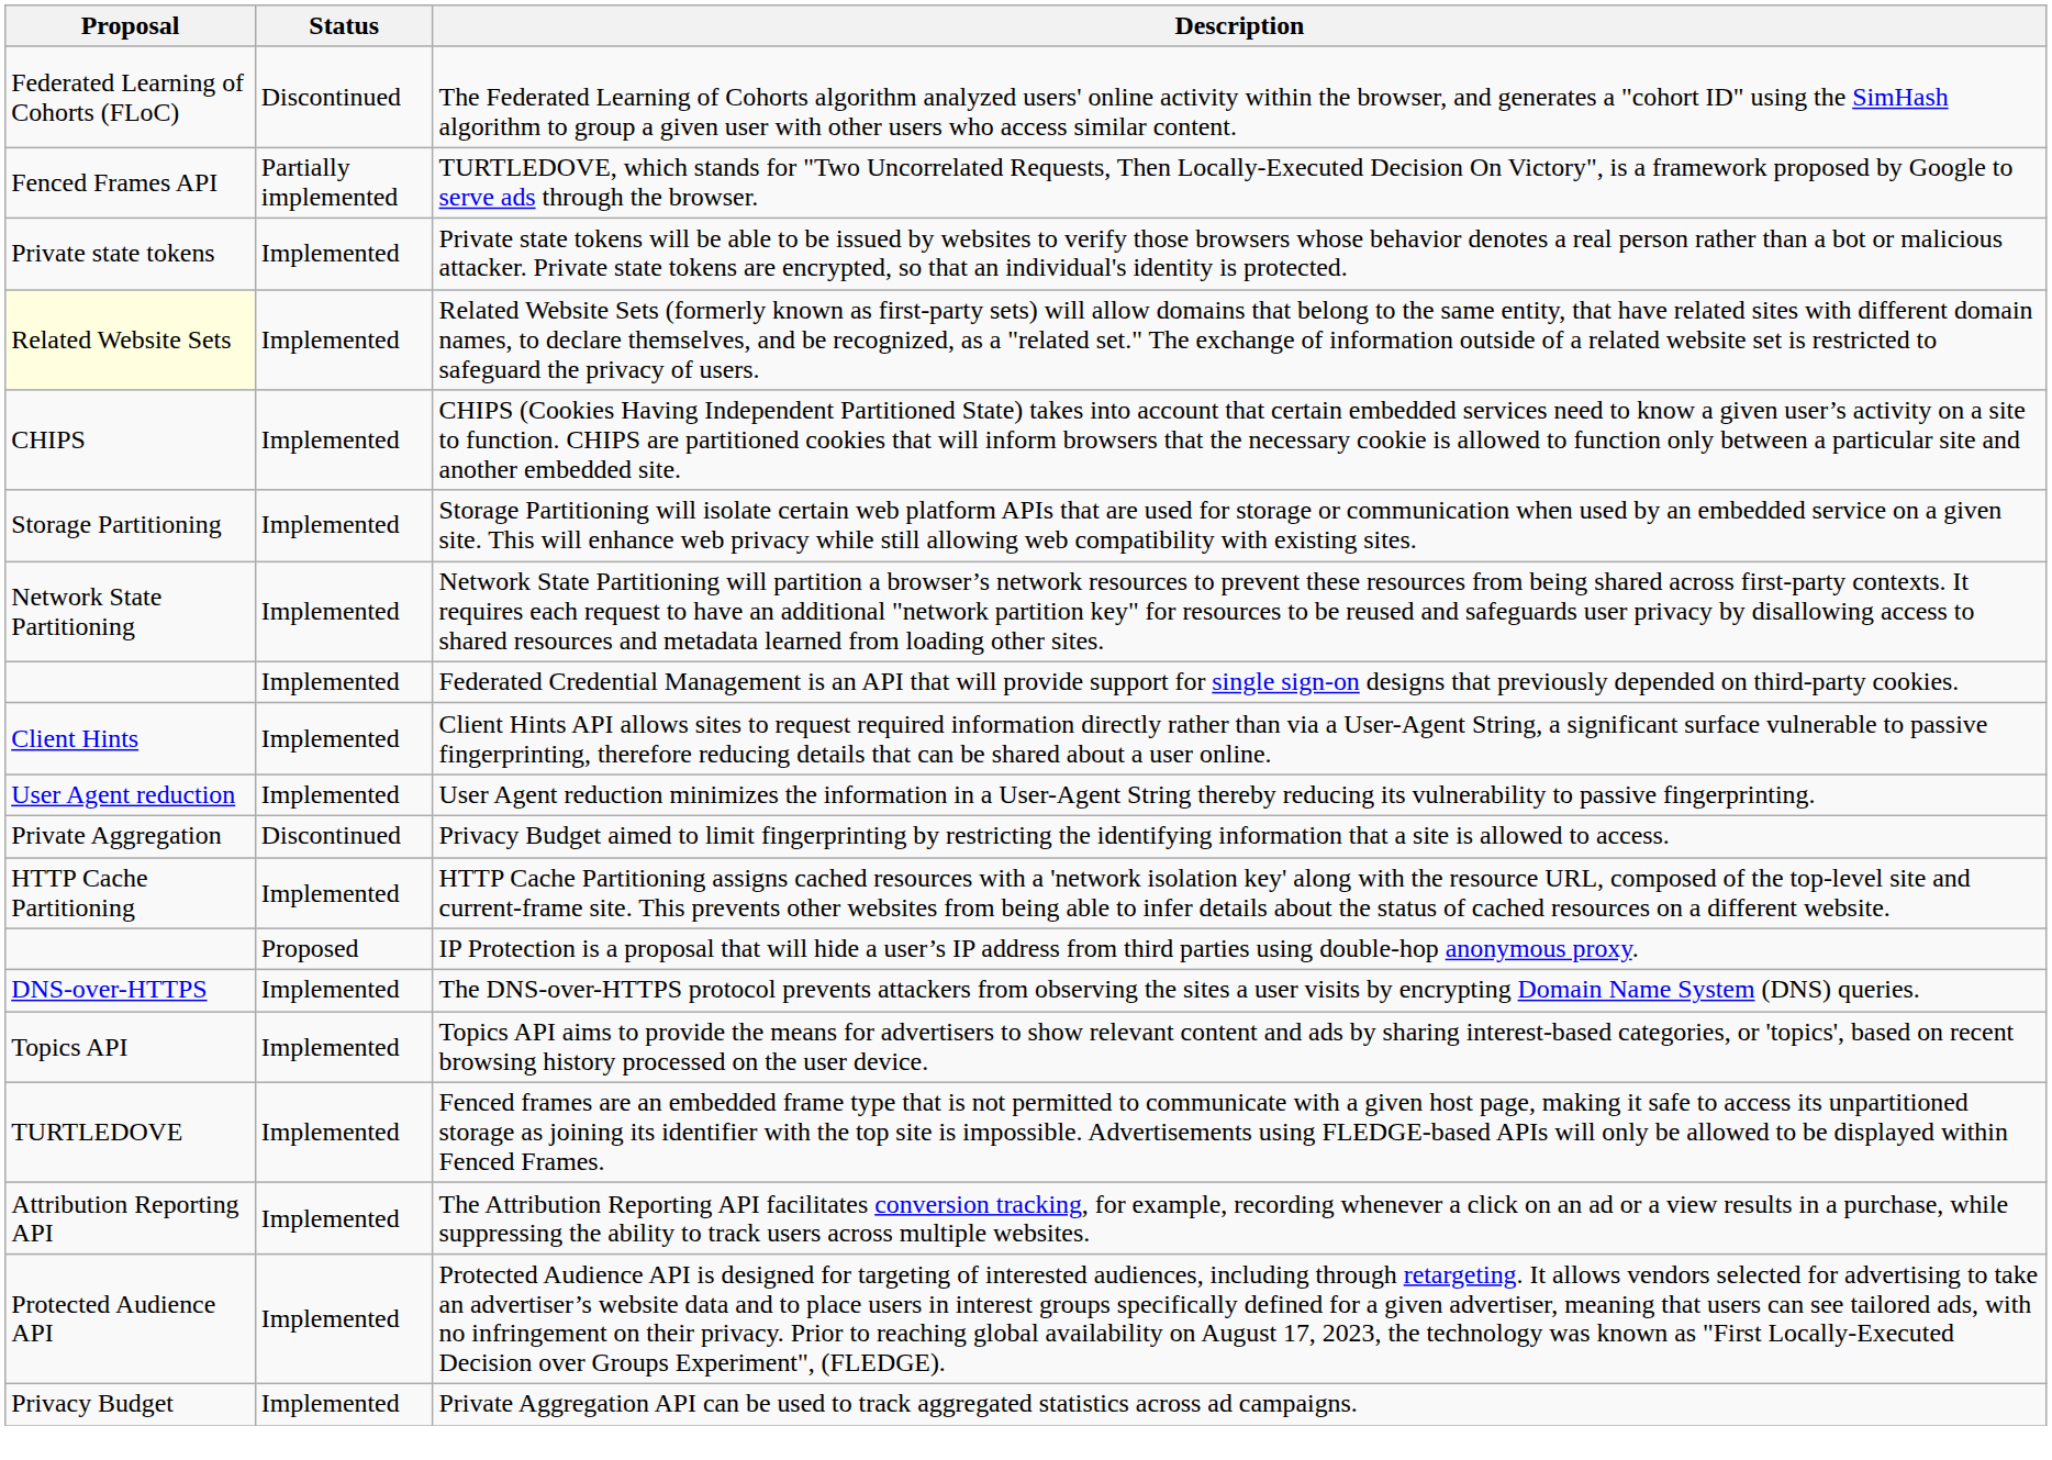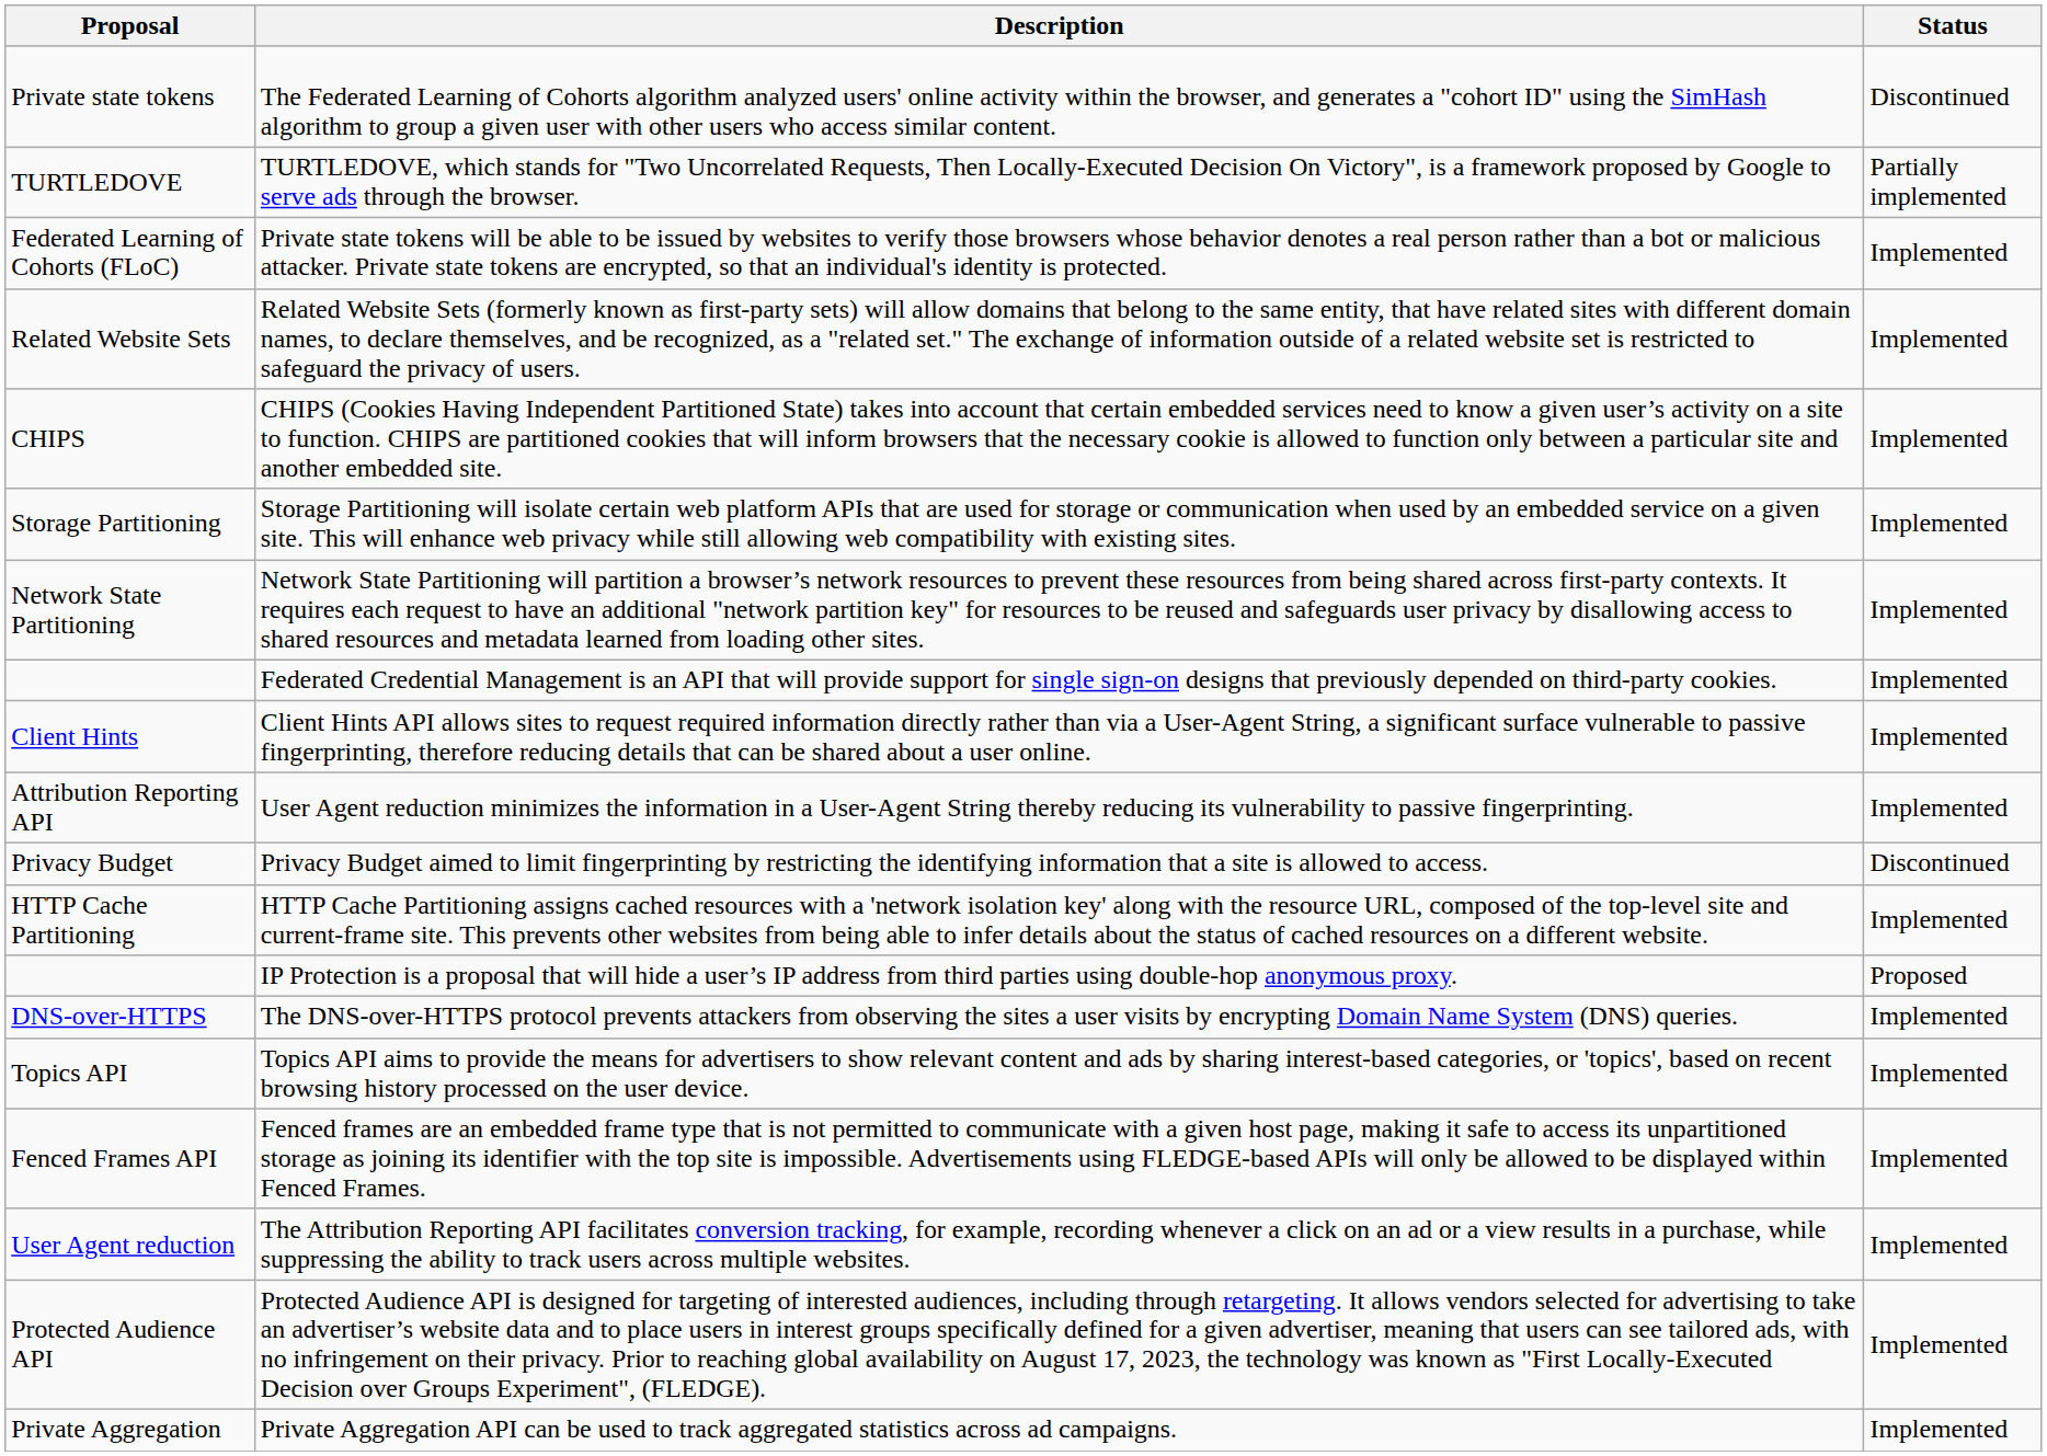 <table class="wikitable sortable">
 <tr>
 <th>Proposal</th>
+<th>Description</th>
 <th>Status</th>
-<th>Description</th>
+</tr>
+<tr>
+<td>Private state tokens</td>
+<td><br>The Federated Learning of Cohorts algorithm analyzed users' online activity within the browser, and generates a "cohort ID" using the <a href='#'>SimHash</a> algorithm to group a given user with other users who access similar content.</td>
+<td style="background: var(--background-color-destructive-subtle); color: var(--color-base)">Discontinued</td>
+</tr>
+<tr>
+<td>TURTLEDOVE</td>
+<td>TURTLEDOVE, which stands for "Two Uncorrelated Requests, Then Locally-Executed Decision On Victory", is a framework proposed by Google to <a href='#'>serve ads</a> through the browser.</td>
+<td style="background: var(--background-color-progressive-subtle); color: var(--color-base)">Partially implemented</td>
 </tr>
 <tr>
 <td>Federated Learning of Cohorts (FLoC)</td>
+<td>Private state tokens will be able to be issued by websites to verify those browsers whose behavior denotes a real person rather than a bot or malicious attacker. Private state tokens are encrypted, so that an individual's identity is protected.</td>
+<td style="background: var(--background-color-success-subtle); color: var(--color-base)">Implemented</td>
+</tr>
+<tr>
+<td>Related Website Sets</td>
+<td>Related Website Sets (formerly known as first-party sets) will allow domains that belong to the same entity, that have related sites with different domain names, to declare themselves, and be recognized, as a "related set." The exchange of information outside of a related website set is restricted to safeguard the privacy of users.</td>
+<td style="background: var(--background-color-success-subtle); color: var(--color-base)">Implemented</td>
+</tr>
+<tr>
+<td>CHIPS</td>
+<td>CHIPS (Cookies Having Independent Partitioned State) takes into account that certain embedded services need to know a given user’s activity on a site to function. CHIPS are partitioned cookies that will inform browsers that the necessary cookie is allowed to function only between a particular site and another embedded site.</td>
+<td style="background: var(--background-color-success-subtle); color: var(--color-base)">Implemented</td>
+</tr>
+<tr>
+<td>Storage Partitioning</td>
+<td>Storage Partitioning will isolate certain web platform APIs that are used for storage or communication when used by an embedded service on a given site. This will enhance web privacy while still allowing web compatibility with existing sites.</td>
+<td style="background: var(--background-color-success-subtle); color: var(--color-base)">Implemented</td>
+</tr>
+<tr>
+<td>Network State Partitioning</td>
+<td>Network State Partitioning will partition a browser’s network resources to prevent these resources from being shared across first-party contexts. It requires each request to have an additional "network partition key" for resources to be reused and safeguards user privacy by disallowing access to shared resources and metadata learned from loading other sites.</td>
+<td style="background: var(--background-color-success-subtle); color: var(--color-base)">Implemented</td>
+</tr>
+<tr>
+<td></td>
+<td>Federated Credential Management is an API that will provide support for <a href='#'>single sign-on</a> designs that previously depended on third-party cookies.</td>
+<td style="background: var(--background-color-success-subtle); color: var(--color-base)">Implemented</td>
+</tr>
+<tr>
+<td><a href='#'>Client Hints</a></td>
+<td>Client Hints API allows sites to request required information directly rather than via a User-Agent String, a significant surface vulnerable to passive fingerprinting, therefore reducing details that can be shared about a user online.</td>
+<td style="background: var(--background-color-success-subtle); color: var(--color-base)">Implemented</td>
+</tr>
+<tr>
+<td>Attribution Reporting API</td>
+<td>User Agent reduction minimizes the information in a User-Agent String thereby reducing its vulnerability to passive fingerprinting.</td>
+<td style="background: var(--background-color-success-subtle); color: var(--color-base)">Implemented</td>
+</tr>
+<tr>
+<td>Privacy Budget</td>
+<td>Privacy Budget aimed to limit fingerprinting by restricting the identifying information that a site is allowed to access.</td>
 <td style="background: var(--background-color-destructive-subtle); color: var(--color-base)">Discontinued</td>
-<td><br>The Federated Learning of Cohorts algorithm analyzed users' online activity within the browser, and generates a "cohort ID" using the <a href='#'>SimHash</a> algorithm to group a given user with other users who access similar content.</td>
+</tr>
+<tr>
+<td>HTTP Cache Partitioning</td>
+<td>HTTP Cache Partitioning assigns cached resources with a 'network isolation key' along with the resource URL, composed of the top-level site and current-frame site. This prevents other websites from being able to infer details about the status of cached resources on a different website.</td>
+<td style="background: var(--background-color-success-subtle); color: var(--color-base)">Implemented</td>
+</tr>
+<tr>
+<td></td>
+<td>IP Protection is a proposal that will hide a user’s IP address from third parties using double-hop <a href='#'>anonymous proxy</a>.</td>
+<td>Proposed</td>
+</tr>
+<tr>
+<td><a href='#'>DNS-over-HTTPS</a></td>
+<td>The DNS-over-HTTPS protocol prevents attackers from observing the sites a user visits by encrypting <a href='#'>Domain Name System</a> (DNS) queries.</td>
+<td style="background: var(--background-color-success-subtle); color: var(--color-base)">Implemented</td>
+</tr>
+<tr>
+<td>Topics API</td>
+<td>Topics API aims to provide the means for advertisers to show relevant content and ads by sharing interest-based categories, or 'topics', based on recent browsing history processed on the user device.</td>
+<td style="background: var(--background-color-success-subtle); color: var(--color-base)">Implemented</td>
 </tr>
 <tr>
 <td>Fenced Frames API</td>
-<td style="background: var(--background-color-progressive-subtle); color: var(--color-base)">Partially implemented</td>
-<td>TURTLEDOVE, which stands for "Two Uncorrelated Requests, Then Locally-Executed Decision On Victory", is a framework proposed by Google to <a href='#'>serve ads</a> through the browser.</td>
-</tr>
-<tr>
-<td>Private state tokens</td>
+<td>Fenced frames are an embedded frame type that is not permitted to communicate with a given host page, making it safe to access its unpartitioned storage as joining its identifier with the top site is impossible. Advertisements using FLEDGE-based APIs will only be allowed to be displayed within Fenced Frames.</td>
 <td style="background: var(--background-color-success-subtle); color: var(--color-base)">Implemented</td>
-<td>Private state tokens will be able to be issued by websites to verify those browsers whose behavior denotes a real person rather than a bot or malicious attacker. Private state tokens are encrypted, so that an individual's identity is protected.</td>
-</tr>
-<tr>
-<td style="background: lightyellow;">Related Website Sets</td>
-<td style="background: var(--background-color-success-subtle); color: var(--color-base)">Implemented</td>
-<td>Related Website Sets (formerly known as first-party sets) will allow domains that belong to the same entity, that have related sites with different domain names, to declare themselves, and be recognized, as a "related set." The exchange of information outside of a related website set is restricted to safeguard the privacy of users.</td>
-</tr>
-<tr>
-<td>CHIPS</td>
-<td style="background: var(--background-color-success-subtle); color: var(--color-base)">Implemented</td>
-<td>CHIPS (Cookies Having Independent Partitioned State) takes into account that certain embedded services need to know a given user’s activity on a site to function. CHIPS are partitioned cookies that will inform browsers that the necessary cookie is allowed to function only between a particular site and another embedded site.</td>
-</tr>
-<tr>
-<td>Storage Partitioning</td>
-<td style="background: var(--background-color-success-subtle); color: var(--color-base)">Implemented</td>
-<td>Storage Partitioning will isolate certain web platform APIs that are used for storage or communication when used by an embedded service on a given site. This will enhance web privacy while still allowing web compatibility with existing sites.</td>
-</tr>
-<tr>
-<td>Network State Partitioning</td>
-<td style="background: var(--background-color-success-subtle); color: var(--color-base)">Implemented</td>
-<td>Network State Partitioning will partition a browser’s network resources to prevent these resources from being shared across first-party contexts. It requires each request to have an additional "network partition key" for resources to be reused and safeguards user privacy by disallowing access to shared resources and metadata learned from loading other sites.</td>
-</tr>
-<tr>
-<td></td>
-<td style="background: var(--background-color-success-subtle); color: var(--color-base)">Implemented</td>
-<td>Federated Credential Management is an API that will provide support for <a href='#'>single sign-on</a> designs that previously depended on third-party cookies.</td>
-</tr>
-<tr>
-<td><a href='#'>Client Hints</a></td>
-<td style="background: var(--background-color-success-subtle); color: var(--color-base)">Implemented</td>
-<td>Client Hints API allows sites to request required information directly rather than via a User-Agent String, a significant surface vulnerable to passive fingerprinting, therefore reducing details that can be shared about a user online.</td>
 </tr>
 <tr>
 <td><a href='#'>User Agent reduction</a></td>
+<td>The Attribution Reporting API facilitates <a href='#'>conversion tracking</a>, for example, recording whenever a click on an ad or a view results in a purchase, while suppressing the ability to track users across multiple websites.</td>
 <td style="background: var(--background-color-success-subtle); color: var(--color-base)">Implemented</td>
-<td>User Agent reduction minimizes the information in a User-Agent String thereby reducing its vulnerability to passive fingerprinting.</td>
+</tr>
+<tr>
+<td>Protected Audience API</td>
+<td>Protected Audience API is designed for targeting of interested audiences, including through <a href='#'>retargeting</a>. It allows vendors selected for advertising to take an advertiser’s website data and to place users in interest groups specifically defined for a given advertiser, meaning that users can see tailored ads, with no infringement on their privacy. Prior to reaching global availability on August 17, 2023, the technology was known as "First Locally-Executed Decision over Groups Experiment", (FLEDGE).</td>
+<td style="background: var(--background-color-success-subtle); color: var(--color-base)">Implemented</td>
 </tr>
 <tr>
 <td>Private Aggregation</td>
-<td style="background: var(--background-color-destructive-subtle); color: var(--color-base)">Discontinued</td>
-<td>Privacy Budget aimed to limit fingerprinting by restricting the identifying information that a site is allowed to access.</td>
-</tr>
-<tr>
-<td>HTTP Cache Partitioning</td>
+<td>Private Aggregation API can be used to track aggregated statistics across ad campaigns.</td>
 <td style="background: var(--background-color-success-subtle); color: var(--color-base)">Implemented</td>
-<td>HTTP Cache Partitioning assigns cached resources with a 'network isolation key' along with the resource URL, composed of the top-level site and current-frame site. This prevents other websites from being able to infer details about the status of cached resources on a different website.</td>
-</tr>
-<tr>
-<td></td>
-<td>Proposed</td>
-<td>IP Protection is a proposal that will hide a user’s IP address from third parties using double-hop <a href='#'>anonymous proxy</a>.</td>
-</tr>
-<tr>
-<td><a href='#'>DNS-over-HTTPS</a></td>
-<td style="background: var(--background-color-success-subtle); color: var(--color-base)">Implemented</td>
-<td>The DNS-over-HTTPS protocol prevents attackers from observing the sites a user visits by encrypting <a href='#'>Domain Name System</a> (DNS) queries.</td>
-</tr>
-<tr>
-<td>Topics API</td>
-<td style="background: var(--background-color-success-subtle); color: var(--color-base)">Implemented</td>
-<td>Topics API aims to provide the means for advertisers to show relevant content and ads by sharing interest-based categories, or 'topics', based on recent browsing history processed on the user device.</td>
-</tr>
-<tr>
-<td>TURTLEDOVE</td>
-<td style="background: var(--background-color-success-subtle); color: var(--color-base)">Implemented</td>
-<td>Fenced frames are an embedded frame type that is not permitted to communicate with a given host page, making it safe to access its unpartitioned storage as joining its identifier with the top site is impossible. Advertisements using FLEDGE-based APIs will only be allowed to be displayed within Fenced Frames.</td>
-</tr>
-<tr>
-<td>Attribution Reporting API</td>
-<td style="background: var(--background-color-success-subtle); color: var(--color-base)">Implemented</td>
-<td>The Attribution Reporting API facilitates <a href='#'>conversion tracking</a>, for example, recording whenever a click on an ad or a view results in a purchase, while suppressing the ability to track users across multiple websites.</td>
-</tr>
-<tr>
-<td>Protected Audience API</td>
-<td style="background: var(--background-color-success-subtle); color: var(--color-base)">Implemented</td>
-<td>Protected Audience API is designed for targeting of interested audiences, including through <a href='#'>retargeting</a>. It allows vendors selected for advertising to take an advertiser’s website data and to place users in interest groups specifically defined for a given advertiser, meaning that users can see tailored ads, with no infringement on their privacy. Prior to reaching global availability on August 17, 2023, the technology was known as "First Locally-Executed Decision over Groups Experiment", (FLEDGE).</td>
-</tr>
-<tr>
-<td>Privacy Budget</td>
-<td style="background: var(--background-color-success-subtle); color: var(--color-base)">Implemented</td>
-<td>Private Aggregation API can be used to track aggregated statistics across ad campaigns.</td>
 </tr>
 </table>
